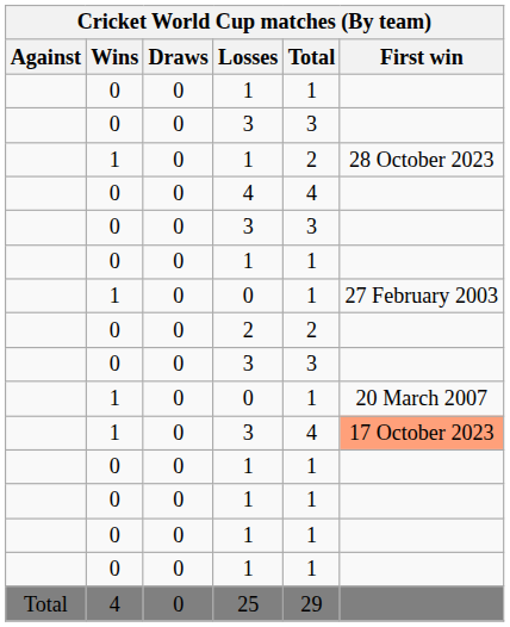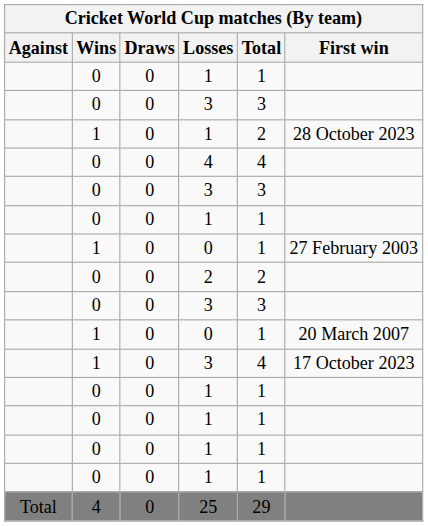 <table class="wikitable" style="text-align: center;">
 <tr>
 <th colspan=6>Cricket World Cup matches (By team)</th>
 </tr>
 <tr>
 <th>Against</th>
 <th>Wins</th>
 <th>Draws</th>
 <th>Losses</th>
 <th>Total</th>
 <th>First win</th>
 </tr>
 <tr>
 <td></td>
 <td>0</td>
 <td>0</td>
 <td>1</td>
 <td>1</td>
 <td></td>
 </tr>
 <tr>
 <td></td>
 <td>0</td>
 <td>0</td>
 <td>3</td>
 <td>3</td>
 <td></td>
 </tr>
 <tr>
 <td></td>
 <td>1</td>
 <td>0</td>
 <td>1</td>
 <td>2</td>
 <td>28 October 2023</td>
 </tr>
 <tr>
 <td></td>
 <td>0</td>
 <td>0</td>
 <td>4</td>
 <td>4</td>
 <td></td>
 </tr>
 <tr>
 <td></td>
 <td>0</td>
 <td>0</td>
 <td>3</td>
 <td>3</td>
 <td></td>
 </tr>
 <tr>
 <td></td>
 <td>0</td>
 <td>0</td>
 <td>1</td>
 <td>1</td>
 <td></td>
 </tr>
 <tr>
 <td></td>
 <td>1</td>
 <td>0</td>
 <td>0</td>
 <td>1</td>
 <td>27 February 2003</td>
 </tr>
 <tr>
 <td></td>
 <td>0</td>
 <td>0</td>
 <td>2</td>
 <td>2</td>
 <td></td>
 </tr>
 <tr>
 <td></td>
 <td>0</td>
 <td>0</td>
 <td>3</td>
 <td>3</td>
 <td></td>
 </tr>
 <tr>
 <td></td>
 <td>1</td>
 <td>0</td>
 <td>0</td>
 <td>1</td>
 <td>20 March 2007</td>
 </tr>
 <tr>
 <td></td>
 <td>1</td>
 <td>0</td>
 <td>3</td>
 <td>4</td>
-<td style="background: lightsalmon;">17 October 2023</td>
+<td>17 October 2023</td>
 </tr>
 <tr>
 <td></td>
 <td>0</td>
 <td>0</td>
 <td>1</td>
 <td>1</td>
 <td></td>
 </tr>
 <tr>
 <td></td>
 <td>0</td>
 <td>0</td>
 <td>1</td>
 <td>1</td>
 <td></td>
 </tr>
 <tr>
 <td></td>
 <td>0</td>
 <td>0</td>
 <td>1</td>
 <td>1</td>
 <td></td>
 </tr>
 <tr>
 <td></td>
 <td>0</td>
 <td>0</td>
 <td>1</td>
 <td>1</td>
 <td></td>
 </tr>
 <tr bgcolor=gray>
 <td>Total</td>
 <td>4</td>
 <td>0</td>
 <td>25</td>
 <td>29</td>
 <td></td>
 </tr>
 <tr>
 </tr>
 </table>
